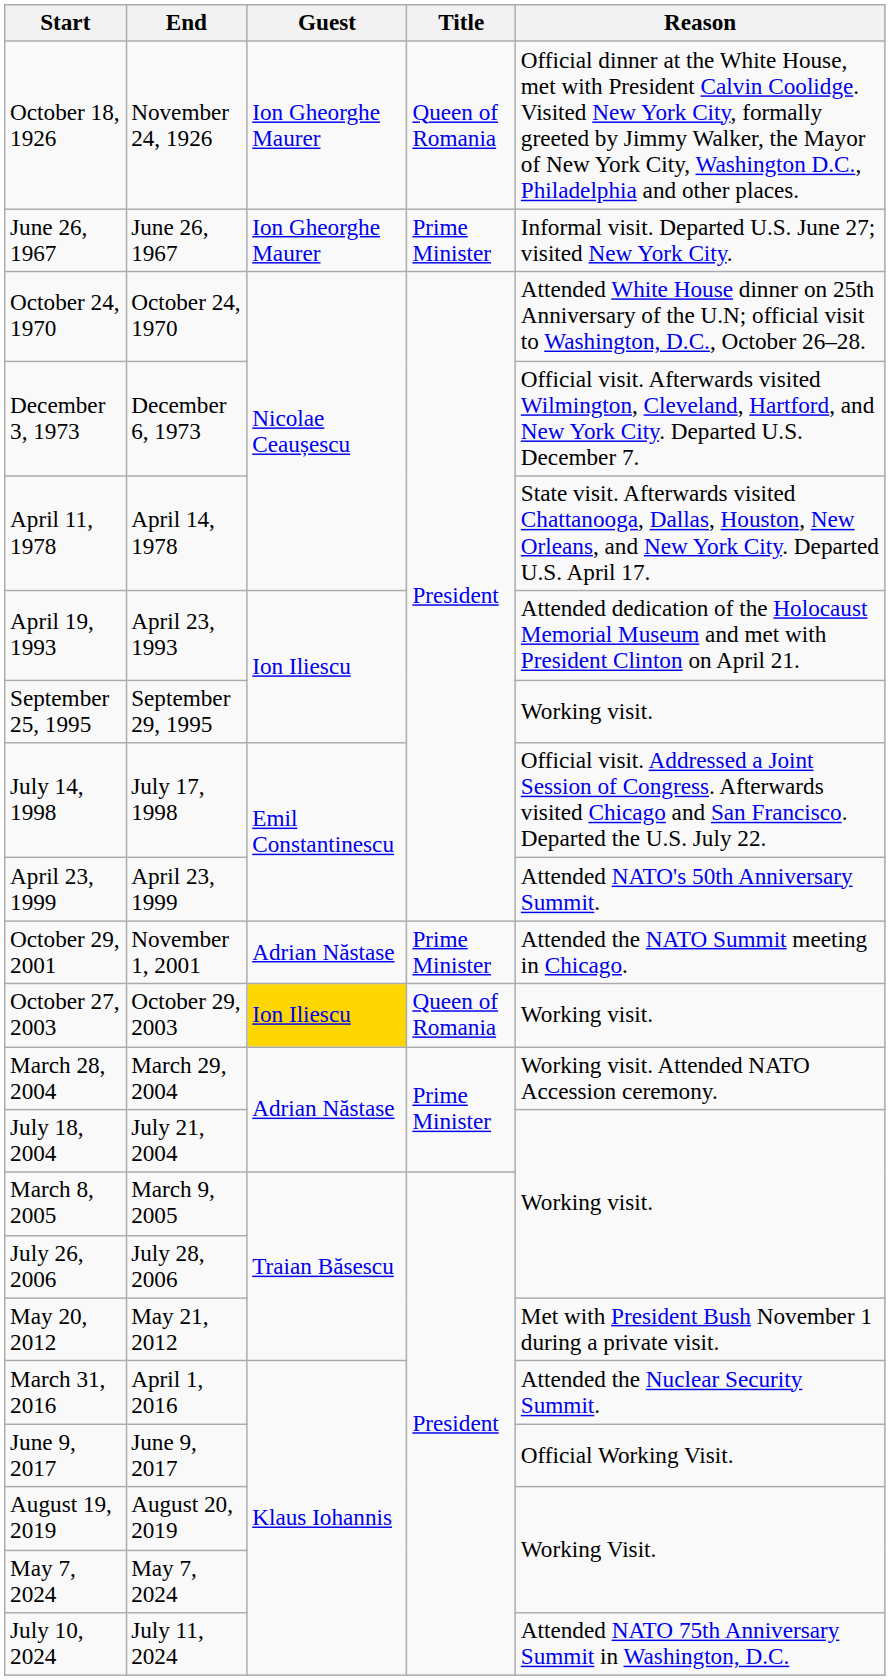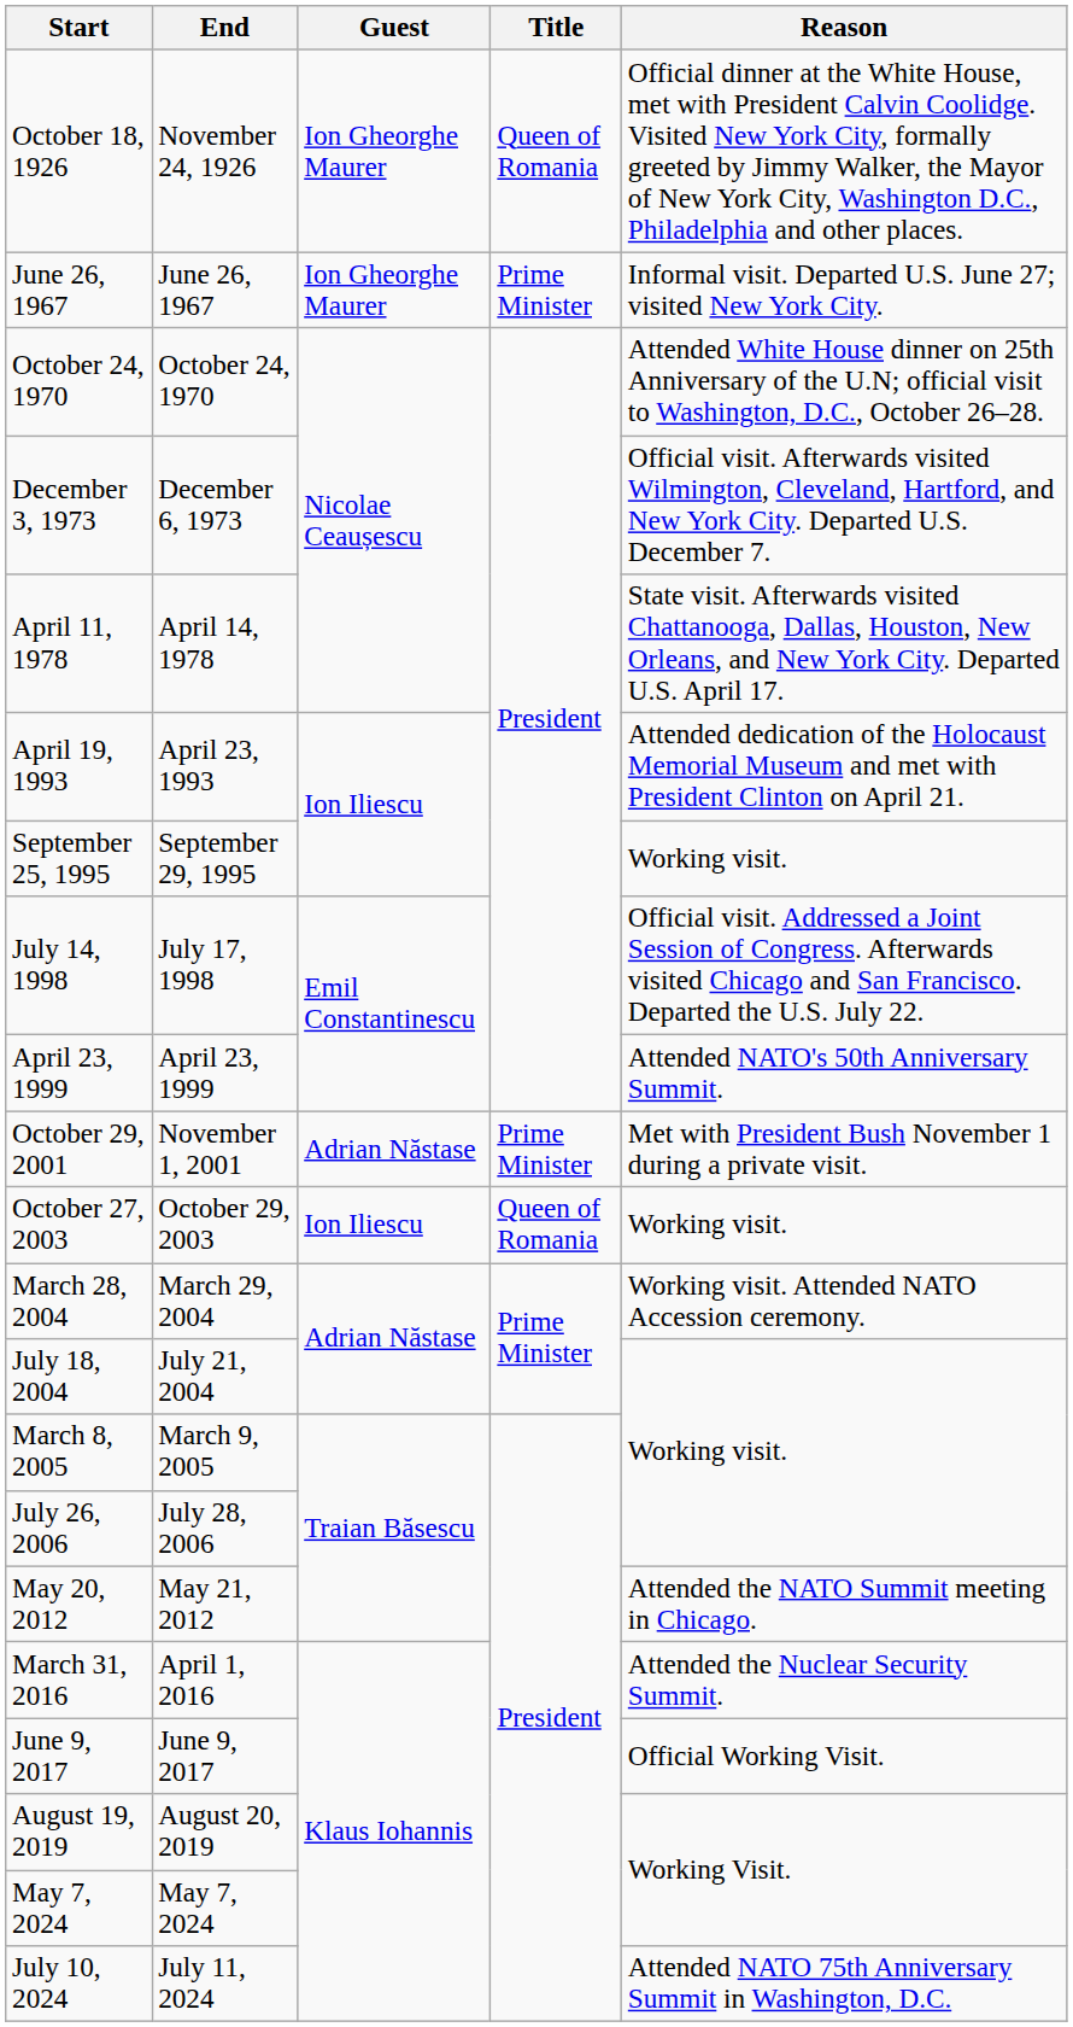 <table class="wikitable sortable">
 <tr>
 <th>Start</th>
 <th>End</th>
 <th>Guest</th>
 <th>Title</th>
 <th>Reason</th>
 </tr>
 <tr>
 <td>October 18, 1926</td>
 <td>November 24, 1926</td>
 <td><a href='#'>Ion Gheorghe Maurer</a></td>
 <td><a href='#'>Queen of Romania</a></td>
 <td>Official dinner at the White House, met with President <a href='#'>Calvin Coolidge</a>. Visited <a href='#'>New York City</a>, formally greeted by Jimmy Walker, the Mayor of New York City, <a href='#'>Washington D.C.</a>, <a href='#'>Philadelphia</a> and other places.</td>
 </tr>
 <tr>
 <td>June 26, 1967</td>
 <td>June 26, 1967</td>
 <td><a href='#'>Ion Gheorghe Maurer</a></td>
 <td><a href='#'>Prime Minister</a></td>
 <td>Informal visit. Departed U.S. June 27; visited <a href='#'>New York City</a>.</td>
 </tr>
 <tr>
 <td>October 24, 1970</td>
 <td>October 24, 1970</td>
 <td rowspan=3><a href='#'>Nicolae Ceaușescu</a></td>
 <td rowspan=7><a href='#'>President</a></td>
 <td>Attended <a href='#'>White House</a> dinner on 25th Anniversary of the U.N; official visit to <a href='#'>Washington, D.C.</a>, October 26–28.</td>
 </tr>
 <tr>
 <td>December 3, 1973</td>
 <td>December 6, 1973</td>
 <td>Official visit. Afterwards visited <a href='#'>Wilmington</a>, <a href='#'>Cleveland</a>, <a href='#'>Hartford</a>, and <a href='#'>New York City</a>. Departed U.S. December 7.</td>
 </tr>
 <tr>
 <td>April 11, 1978</td>
 <td>April 14, 1978</td>
 <td>State visit. Afterwards visited <a href='#'>Chattanooga</a>, <a href='#'>Dallas</a>, <a href='#'>Houston</a>, <a href='#'>New Orleans</a>, and <a href='#'>New York City</a>. Departed U.S. April 17.</td>
 </tr>
 <tr>
 <td>April 19, 1993</td>
 <td>April 23, 1993</td>
 <td rowspan=2><a href='#'>Ion Iliescu</a></td>
 <td>Attended dedication of the <a href='#'>Holocaust Memorial Museum</a> and met with <a href='#'>President Clinton</a> on April 21.</td>
 </tr>
 <tr>
 <td>September 25, 1995</td>
 <td>September 29, 1995</td>
 <td>Working visit.</td>
 </tr>
 <tr>
 <td>July 14, 1998</td>
 <td>July 17, 1998</td>
 <td rowspan=2><a href='#'>Emil Constantinescu</a></td>
 <td>Official visit. <a href='#'>Addressed a Joint Session of Congress</a>. Afterwards visited <a href='#'>Chicago</a> and <a href='#'>San Francisco</a>. Departed the U.S. July 22.</td>
 </tr>
 <tr>
 <td>April 23, 1999</td>
 <td>April 23, 1999</td>
 <td>Attended <a href='#'>NATO's 50th Anniversary Summit</a>.</td>
 </tr>
 <tr>
 <td>October 29, 2001</td>
 <td>November 1, 2001</td>
 <td><a href='#'>Adrian Năstase</a></td>
 <td><a href='#'>Prime Minister</a></td>
-<td>Attended the <a href='#'>NATO Summit</a> meeting in <a href='#'>Chicago</a>.</td>
+<td>Met with <a href='#'>President Bush</a> November 1 during a private visit.</td>
 </tr>
 <tr>
 <td>October 27, 2003</td>
 <td>October 29, 2003</td>
-<td style="background: gold;"><a href='#'>Ion Iliescu</a></td>
+<td><a href='#'>Ion Iliescu</a></td>
 <td><a href='#'>Queen of Romania</a></td>
 <td>Working visit.</td>
 </tr>
 <tr>
 <td>March 28, 2004</td>
 <td>March 29, 2004</td>
 <td rowspan=2><a href='#'>Adrian Năstase</a></td>
 <td rowspan=2><a href='#'>Prime Minister</a></td>
 <td>Working visit. Attended NATO Accession ceremony.</td>
 </tr>
 <tr>
 <td>July 18, 2004</td>
 <td>July 21, 2004</td>
 <td rowspan=3>Working visit.</td>
 </tr>
 <tr>
 <td>March 8, 2005</td>
 <td>March 9, 2005</td>
 <td rowspan=3><a href='#'>Traian Băsescu</a></td>
 <td rowspan="8"><a href='#'>President</a></td>
 </tr>
 <tr>
 <td>July 26, 2006</td>
 <td>July 28, 2006</td>
 </tr>
 <tr>
 <td>May 20, 2012</td>
 <td>May 21, 2012</td>
-<td>Met with <a href='#'>President Bush</a> November 1 during a private visit.</td>
+<td>Attended the <a href='#'>NATO Summit</a> meeting in <a href='#'>Chicago</a>.</td>
 </tr>
 <tr>
 <td>March 31, 2016</td>
 <td>April 1, 2016</td>
 <td rowspan="5"><a href='#'>Klaus Iohannis</a></td>
 <td>Attended the <a href='#'>Nuclear Security Summit</a>.</td>
 </tr>
 <tr>
 <td>June 9, 2017</td>
 <td>June 9, 2017</td>
 <td>Official Working Visit.</td>
 </tr>
 <tr>
 <td>August 19, 2019</td>
 <td>August 20, 2019</td>
 <td rowspan=2>Working Visit.</td>
 </tr>
 <tr>
 <td>May 7, 2024</td>
 <td>May 7, 2024</td>
 </tr>
 <tr>
 <td>July 10, 2024</td>
 <td>July 11, 2024</td>
 <td>Attended <a href='#'>NATO 75th Anniversary Summit</a> in <a href='#'>Washington, D.C.</a></td>
 </tr>
 </table>
